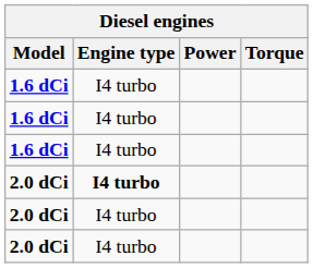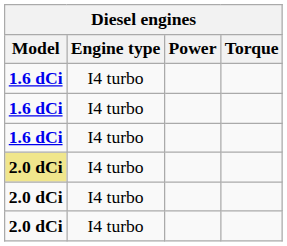 <table class="wikitable" style="text-align:center; font-size:88%;">
 <tr>
 <th colspan=4>Diesel engines</th>
 </tr>
 <tr>
 <th>Model</th>
 <th>Engine type</th>
 <th>Power</th>
 <th>Torque</th>
 </tr>
 <tr>
 <td><strong><a href='#'>1.6 dCi</a></strong></td>
 <td> I4 turbo</td>
 <td></td>
 <td></td>
 </tr>
 <tr>
 <td><strong><a href='#'>1.6 dCi</a></strong></td>
 <td> I4 turbo</td>
 <td></td>
 <td></td>
 </tr>
 <tr>
 <td><strong><a href='#'>1.6 dCi</a></strong></td>
 <td> I4 turbo</td>
 <td></td>
 <td></td>
 </tr>
 <tr>
-<td><strong>2.0 dCi</strong></td>
-<td><strong> I4 turbo</strong></td>
+<td style="background: khaki;"><strong>2.0 dCi</strong></td>
+<td> I4 turbo</td>
 <td></td>
 <td></td>
 </tr>
 <tr>
 <td><strong>2.0 dCi</strong></td>
 <td> I4 turbo</td>
 <td></td>
 <td></td>
 </tr>
 <tr>
 <td><strong>2.0 dCi</strong></td>
 <td> I4 turbo</td>
 <td></td>
 <td></td>
 </tr>
 </table>
